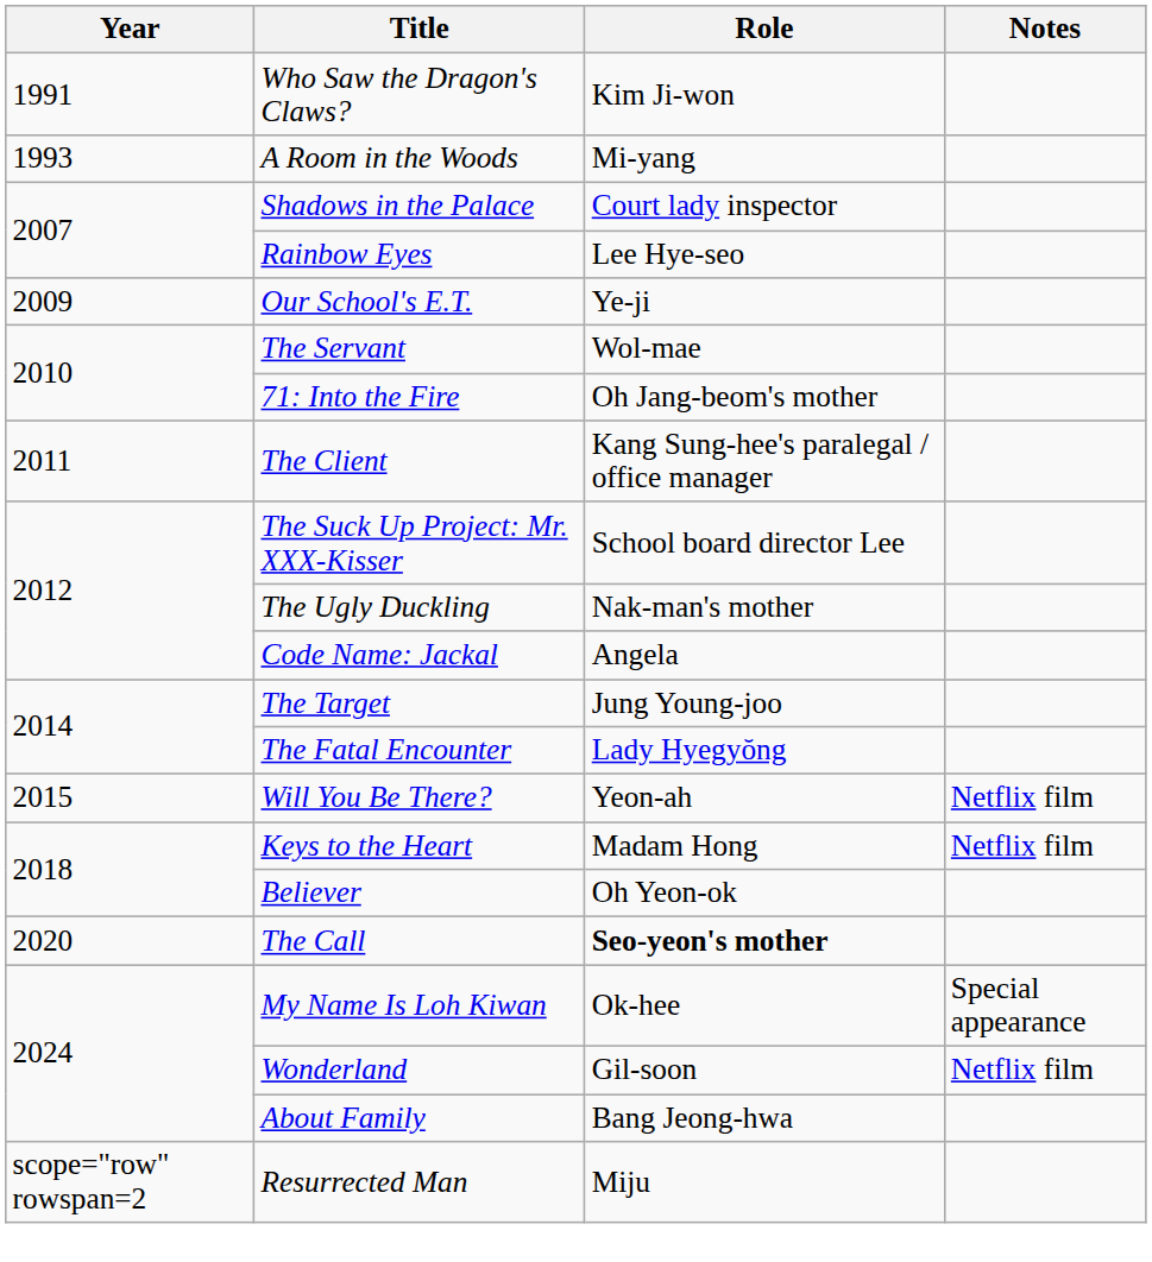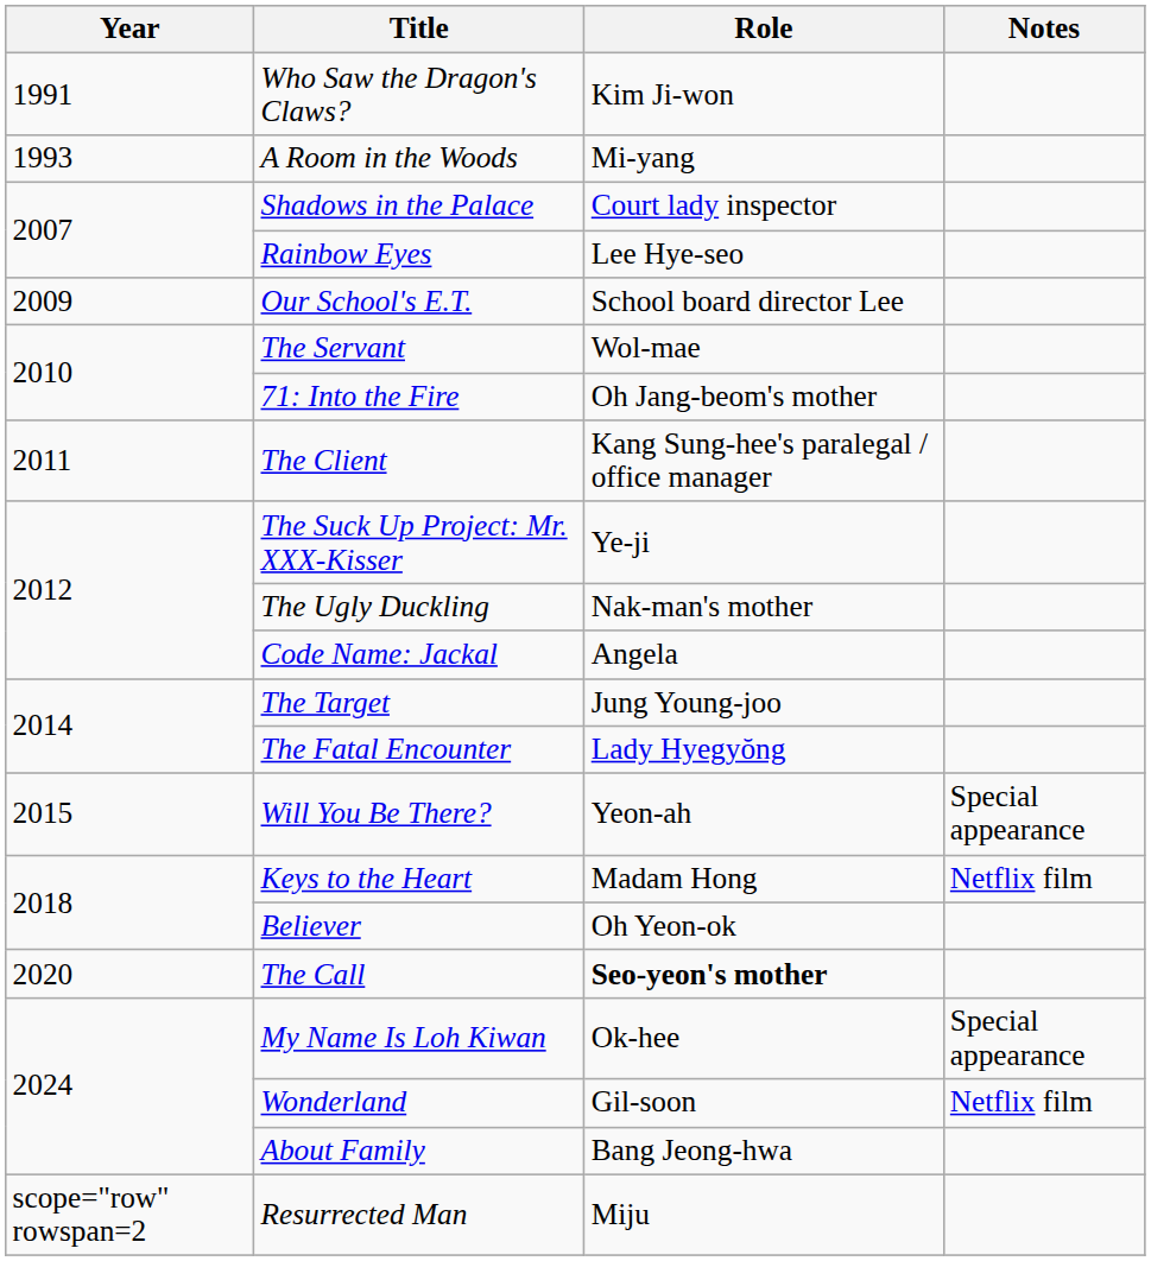 <table class="wikitable sortable">
 <tr>
 <th>Year</th>
 <th>Title</th>
 <th>Role</th>
 <th class="unsortable">Notes</th>
 </tr>
 <tr>
 <td>1991</td>
 <td><em>Who Saw the Dragon's Claws?</em> </td>
 <td>Kim Ji-won</td>
 <td></td>
 </tr>
 <tr>
 <td>1993</td>
 <td><em>A Room in the Woods</em></td>
 <td>Mi-yang</td>
 <td></td>
 </tr>
 <tr>
 <td rowspan=2>2007</td>
 <td><em><a href='#'>Shadows in the Palace</a></em></td>
 <td><a href='#'>Court lady</a> inspector</td>
 <td></td>
 </tr>
 <tr>
 <td><em><a href='#'>Rainbow Eyes</a></em></td>
 <td>Lee Hye-seo</td>
 <td></td>
 </tr>
 <tr>
 <td>2009</td>
 <td><em><a href='#'>Our School's E.T.</a></em></td>
-<td>Ye-ji</td>
+<td>School board director Lee</td>
 <td></td>
 </tr>
 <tr>
 <td rowspan=2>2010</td>
 <td><em><a href='#'>The Servant</a></em></td>
 <td>Wol-mae</td>
 <td></td>
 </tr>
 <tr>
 <td><em><a href='#'>71: Into the Fire</a></em></td>
 <td>Oh Jang-beom's mother</td>
 <td></td>
 </tr>
 <tr>
 <td>2011</td>
 <td><em><a href='#'>The Client</a></em></td>
 <td>Kang Sung-hee's paralegal / office manager</td>
 <td></td>
 </tr>
 <tr>
 <td rowspan=3>2012</td>
 <td><em><a href='#'>The Suck Up Project: Mr. XXX-Kisser</a></em></td>
-<td>School board director Lee</td>
+<td>Ye-ji</td>
 <td></td>
 </tr>
 <tr>
 <td><em>The Ugly Duckling</em></td>
 <td>Nak-man's mother</td>
 <td></td>
 </tr>
 <tr>
 <td><em><a href='#'>Code Name: Jackal</a></em></td>
 <td>Angela</td>
 <td></td>
 </tr>
 <tr>
 <td rowspan=2>2014</td>
 <td><em><a href='#'>The Target</a></em></td>
 <td>Jung Young-joo</td>
 <td></td>
 </tr>
 <tr>
 <td><em><a href='#'>The Fatal Encounter</a></em></td>
 <td><a href='#'>Lady Hyegyŏng</a></td>
 <td></td>
 </tr>
 <tr>
 <td>2015</td>
 <td><em><a href='#'>Will You Be There?</a></em></td>
 <td>Yeon-ah</td>
-<td><a href='#'>Netflix</a> film</td>
+<td>Special appearance</td>
 </tr>
 <tr>
 <td rowspan=2>2018</td>
 <td><em><a href='#'>Keys to the Heart</a></em></td>
 <td>Madam Hong</td>
 <td><a href='#'>Netflix</a> film</td>
 </tr>
 <tr>
 <td><em><a href='#'>Believer</a></em></td>
 <td>Oh Yeon-ok</td>
 <td></td>
 </tr>
 <tr>
 <td>2020</td>
 <td><em><a href='#'>The Call</a></em></td>
 <td><strong>Seo-yeon's mother</strong></td>
 <td></td>
 </tr>
 <tr>
 <td rowspan="3">2024</td>
 <td><em><a href='#'>My Name Is Loh Kiwan</a></em></td>
 <td>Ok-hee</td>
 <td>Special appearance</td>
 </tr>
 <tr>
 <td><em><a href='#'>Wonderland</a></em></td>
 <td>Gil-soon</td>
 <td><a href='#'>Netflix</a> film</td>
 </tr>
 <tr>
 <td><em><a href='#'>About Family</a></em></td>
 <td>Bang Jeong-hwa</td>
 <td></td>
 </tr>
 <tr>
 <td>scope="row" rowspan=2 </td>
 <td><em>Resurrected Man</em></td>
 <td>Miju</td>
 <td></td>
 </tr>
 </table>
